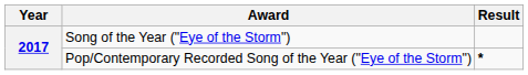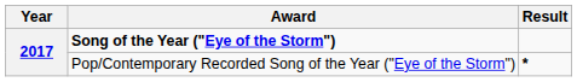 <table class="wikitable">
 <tr>
 <th style="width:60px;">Year</th>
 <th>Award</th>
 <th>Result</th>
 </tr>
 <tr>
 <th rowspan="2"><a href='#'>2017</a></th>
-<td>Song of the Year ("<a href='#'>Eye of the Storm</a>")</td>
+<td><strong>Song of the Year ("<a href='#'>Eye of the Storm</a>")</strong></td>
 <td></td>
 </tr>
 <tr>
 <td>Pop/Contemporary Recorded Song of the Year ("<a href='#'>Eye of the Storm</a>")</td>
 <td><span><strong>*</strong></span></td>
 </tr>
 </table>
